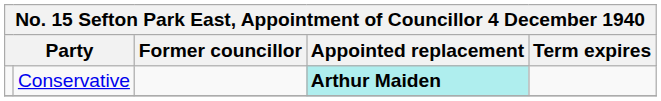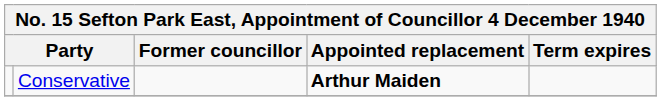 <table class="wikitable">
 <tr>
 <th colspan="5"><strong>No. 15 Sefton Park East, Appointment of Councillor 4 December 1940</strong></th>
 </tr>
 <tr>
 <th colspan="2">Party</th>
 <th>Former councillor</th>
 <th>Appointed replacement</th>
 <th>Term expires</th>
 </tr>
 <tr>
 <td style="background-color:"></td>
 <td><a href='#'>Conservative</a></td>
 <td></td>
-<td style="background: paleturquoise;"><strong>Arthur Maiden</strong></td>
+<td><strong>Arthur Maiden</strong></td>
 <td></td>
 </tr>
 <tr>
 </tr>
 </table>
